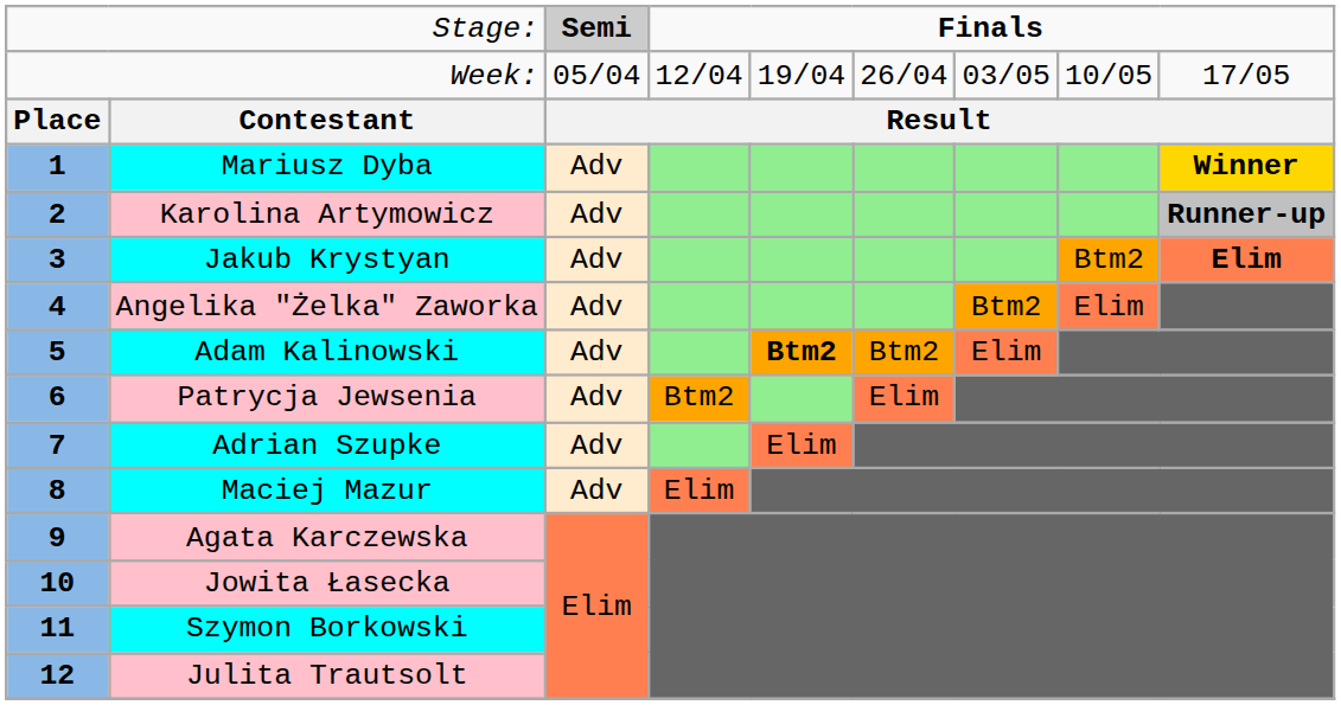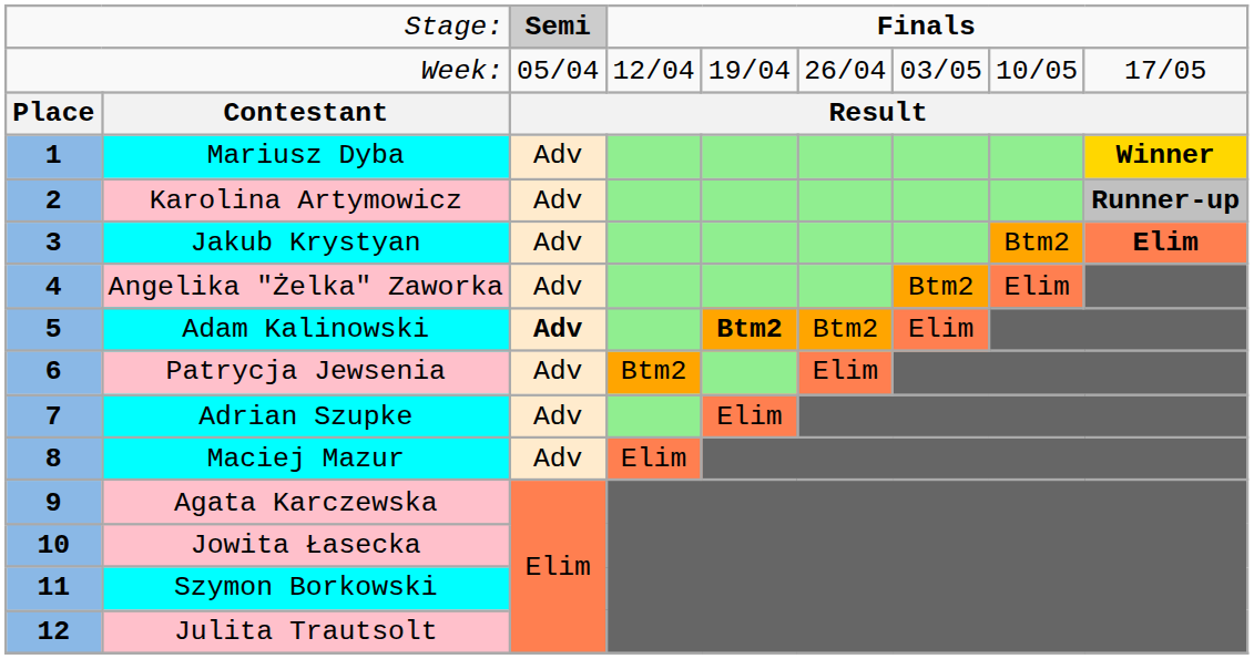 <table class="wikitable mw-collapsible" style="text-align:center; font-size:85%">
 <tr>
 <td colspan="2" align="right"><em>Stage:</em></td>
 <td bgcolor="CCCCCC"><strong>Semi</strong></td>
 <td colspan="6"><strong>Finals</strong></td>
 </tr>
 <tr>
 <td colspan="2" align="right"><em>Week:</em></td>
 <td>05/04</td>
 <td>12/04</td>
 <td>19/04</td>
 <td>26/04</td>
 <td>03/05</td>
 <td>10/05</td>
 <td>17/05</td>
 </tr>
 <tr>
 <th>Place</th>
 <th>Contestant</th>
 <th colspan="7" align="center">Result</th>
 </tr>
 <tr>
 <td bgcolor="#8AB8E6"><strong>1</strong></td>
 <td bgcolor="cyan">Mariusz Dyba</td>
 <td bgcolor="#FFEBCD">Adv</td>
 <td style="background: lightgreen"></td>
 <td style="background: lightgreen"></td>
 <td style="background: lightgreen"></td>
 <td style="background: lightgreen"></td>
 <td style="background: lightgreen"></td>
 <td style="background: gold"><strong>Winner</strong></td>
 </tr>
 <tr>
 <td bgcolor="#8AB8E6"><strong>2</strong></td>
 <td bgcolor="pink">Karolina Artymowicz</td>
 <td bgcolor="#FFEBCD">Adv</td>
 <td style="background: lightgreen"></td>
 <td style="background: lightgreen"></td>
 <td style="background: lightgreen"></td>
 <td style="background: lightgreen"></td>
 <td style="background: lightgreen"></td>
 <td style="background: silver"><strong>Runner-up</strong></td>
 </tr>
 <tr>
 <td bgcolor="#8AB8E6"><strong>3</strong></td>
 <td bgcolor="cyan">Jakub Krystyan</td>
 <td bgcolor="#FFEBCD">Adv</td>
 <td style="background: lightgreen"></td>
 <td style="background: lightgreen"></td>
 <td style="background: lightgreen"></td>
 <td style="background: lightgreen"></td>
 <td style="background: orange" align="center">Btm2</td>
 <td style="background:coral"><strong>Elim</strong></td>
 </tr>
 <tr>
 <td bgcolor="#8AB8E6"><strong>4</strong></td>
 <td bgcolor="pink">Angelika "Żelka" Zaworka</td>
 <td bgcolor="#FFEBCD">Adv</td>
 <td style="background: lightgreen"></td>
 <td style="background: lightgreen"></td>
 <td style="background: lightgreen"></td>
 <td style="background: orange" align="center">Btm2</td>
 <td bgcolor="coral">Elim</td>
 <td colspan="2" bgcolor="666666"></td>
 </tr>
 <tr>
 <td bgcolor="#8AB8E6"><strong>5</strong></td>
 <td bgcolor="cyan">Adam Kalinowski</td>
-<td bgcolor="#FFEBCD">Adv</td>
+<td bgcolor="#FFEBCD"><strong>Adv</strong></td>
 <td style="background: lightgreen"></td>
 <td style="background: orange" align="center"><strong>Btm2</strong></td>
 <td style="background: orange" align="center">Btm2</td>
 <td bgcolor="coral">Elim</td>
 <td colspan="2" bgcolor="666666"></td>
 </tr>
 <tr>
 <td bgcolor="#8AB8E6"><strong>6</strong></td>
 <td bgcolor="pink">Patrycja Jewsenia</td>
 <td bgcolor="#FFEBCD">Adv</td>
 <td style="background: orange" align="center">Btm2</td>
 <td style="background: lightgreen"></td>
 <td bgcolor="coral">Elim</td>
 <td colspan="3" bgcolor="666666"></td>
 </tr>
 <tr>
 <td bgcolor="#8AB8E6"><strong>7</strong></td>
 <td bgcolor="cyan">Adrian Szupke</td>
 <td bgcolor="#FFEBCD">Adv</td>
 <td style="background: lightgreen"></td>
 <td bgcolor="coral">Elim</td>
 <td colspan="4" bgcolor="666666"></td>
 </tr>
 <tr>
 <td bgcolor="#8AB8E6"><strong>8</strong></td>
 <td bgcolor="cyan">Maciej Mazur</td>
 <td bgcolor="#FFEBCD">Adv</td>
 <td bgcolor="coral">Elim</td>
 <td colspan="5" bgcolor="666666"></td>
 </tr>
 <tr>
 <td bgcolor="#8AB8E6"><strong>9</strong></td>
 <td bgcolor="pink">Agata Karczewska</td>
 <td rowspan="4" bgcolor="coral">Elim</td>
 <td colspan="6" rowspan="4" bgcolor="666666"></td>
 </tr>
 <tr>
 <td bgcolor="#8AB8E6"><strong>10</strong></td>
 <td bgcolor="pink">Jowita Łasecka</td>
 </tr>
 <tr>
 <td bgcolor="#8AB8E6"><strong>11</strong></td>
 <td bgcolor="cyan">Szymon Borkowski</td>
 </tr>
 <tr>
 <td bgcolor="#8AB8E6"><strong>12</strong></td>
 <td bgcolor="pink">Julita Trautsolt</td>
 </tr>
 <tr>
 </tr>
 </table>
